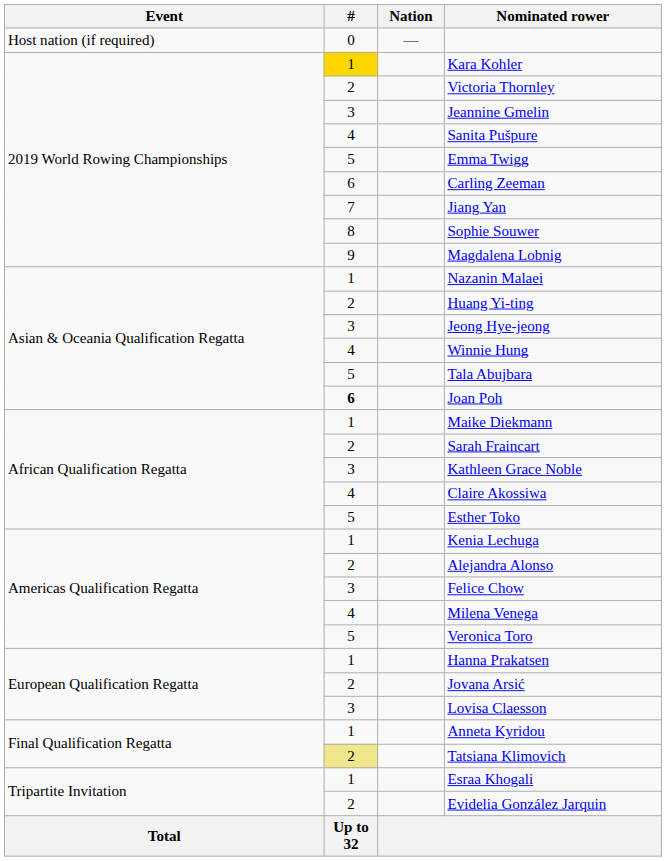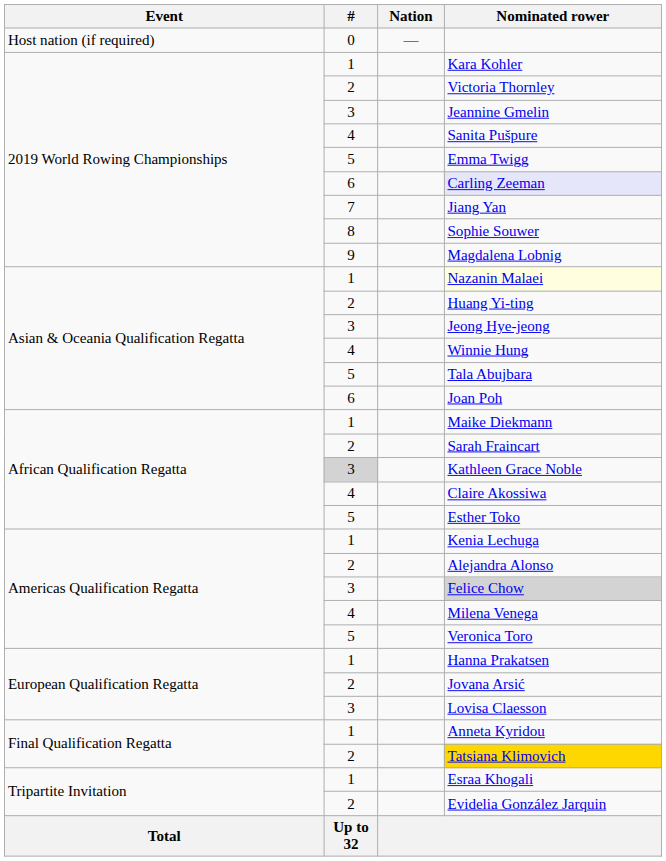 <table class="wikitable"  style="width:700px; text-align:center;">
 <tr>
 <th>Event</th>
 <th width=50>#</th>
 <th>Nation</th>
 <th>Nominated rower</th>
 </tr>
 <tr>
 <td align=left>Host nation (if required)</td>
 <td>0</td>
 <td align=center>—</td>
 <td align=left></td>
 </tr>
 <tr>
 <td rowspan=9 align=left>2019 World Rowing Championships</td>
-<td style="background: gold;">1</td>
+<td>1</td>
 <td align=left></td>
 <td align=left><a href='#'>Kara Kohler</a></td>
 </tr>
 <tr>
 <td>2</td>
 <td align=left></td>
 <td align=left><a href='#'>Victoria Thornley</a></td>
 </tr>
 <tr>
 <td>3</td>
 <td align=left></td>
 <td align=left><a href='#'>Jeannine Gmelin</a></td>
 </tr>
 <tr>
 <td>4</td>
 <td align=left></td>
 <td align=left><a href='#'>Sanita Pušpure</a></td>
 </tr>
 <tr>
 <td>5</td>
 <td align=left></td>
 <td align=left><a href='#'>Emma Twigg</a></td>
 </tr>
 <tr>
 <td>6</td>
 <td align=left></td>
-<td align=left><a href='#'>Carling Zeeman</a></td>
+<td align=left style="background: lavender;"><a href='#'>Carling Zeeman</a></td>
 </tr>
 <tr>
 <td>7</td>
 <td align=left></td>
 <td align=left><a href='#'>Jiang Yan</a></td>
 </tr>
 <tr>
 <td>8</td>
 <td align=left></td>
 <td align=left><a href='#'>Sophie Souwer</a></td>
 </tr>
 <tr>
 <td>9</td>
 <td align=left></td>
 <td align=left><a href='#'>Magdalena Lobnig</a></td>
 </tr>
 <tr>
 <td rowspan=6 align=left>Asian & Oceania Qualification Regatta</td>
 <td>1</td>
 <td align=left></td>
-<td align=left><a href='#'>Nazanin Malaei</a></td>
+<td align=left style="background: lightyellow;"><a href='#'>Nazanin Malaei</a></td>
 </tr>
 <tr>
 <td>2</td>
 <td align=left></td>
 <td align=left><a href='#'>Huang Yi-ting</a></td>
 </tr>
 <tr>
 <td>3</td>
 <td align=left></td>
 <td align=left><a href='#'>Jeong Hye-jeong</a></td>
 </tr>
 <tr>
 <td>4</td>
 <td align=left></td>
 <td align=left><a href='#'>Winnie Hung</a></td>
 </tr>
 <tr>
 <td>5</td>
 <td align=left></td>
 <td align=left><a href='#'>Tala Abujbara</a></td>
 </tr>
 <tr>
-<td><strong>6</strong></td>
+<td>6</td>
 <td align=left></td>
 <td align=left><a href='#'>Joan Poh</a></td>
 </tr>
 <tr>
 <td rowspan=5 align=left>African Qualification Regatta</td>
 <td>1</td>
 <td align=left></td>
 <td align=left><a href='#'>Maike Diekmann</a></td>
 </tr>
 <tr>
 <td>2</td>
 <td align=left></td>
 <td align=left><a href='#'>Sarah Fraincart</a></td>
 </tr>
 <tr>
-<td>3</td>
+<td style="background: lightgrey;">3</td>
 <td align=left></td>
 <td align=left><a href='#'>Kathleen Grace Noble</a></td>
 </tr>
 <tr>
 <td>4</td>
 <td align=left></td>
 <td align=left><a href='#'>Claire Akossiwa</a></td>
 </tr>
 <tr>
 <td>5</td>
 <td align=left></td>
 <td align=left><a href='#'>Esther Toko</a></td>
 </tr>
 <tr>
 <td rowspan=5 align=left>Americas Qualification Regatta</td>
 <td>1</td>
 <td align=left></td>
 <td align=left><a href='#'>Kenia Lechuga</a></td>
 </tr>
 <tr>
 <td>2</td>
 <td align=left></td>
 <td align=left><a href='#'>Alejandra Alonso</a></td>
 </tr>
 <tr>
 <td>3</td>
 <td align=left></td>
-<td align=left><a href='#'>Felice Chow</a></td>
+<td align=left style="background: lightgrey;"><a href='#'>Felice Chow</a></td>
 </tr>
 <tr>
 <td>4</td>
 <td align=left></td>
 <td align=left><a href='#'>Milena Venega</a></td>
 </tr>
 <tr>
 <td>5</td>
 <td align=left></td>
 <td align=left><a href='#'>Veronica Toro</a></td>
 </tr>
 <tr>
 <td rowspan=3 align=left>European Qualification Regatta</td>
 <td>1</td>
 <td align=left></td>
 <td align=left><a href='#'>Hanna Prakatsen</a></td>
 </tr>
 <tr>
 <td>2</td>
 <td align=left></td>
 <td align=left><a href='#'>Jovana Arsić</a></td>
 </tr>
 <tr>
 <td>3</td>
 <td align=left></td>
 <td align=left><a href='#'>Lovisa Claesson</a></td>
 </tr>
 <tr>
 <td rowspan=2 align=left>Final Qualification Regatta</td>
 <td>1</td>
 <td align=left></td>
 <td align=left><a href='#'>Anneta Kyridou</a></td>
 </tr>
 <tr>
-<td style="background: khaki;">2</td>
+<td>2</td>
 <td align=left></td>
-<td align=left><a href='#'>Tatsiana Klimovich</a></td>
+<td align=left style="background: gold;"><a href='#'>Tatsiana Klimovich</a></td>
 </tr>
 <tr>
 <td rowspan=2 align=left>Tripartite Invitation</td>
 <td>1</td>
 <td align=left></td>
 <td align=left><a href='#'>Esraa Khogali</a></td>
 </tr>
 <tr>
 <td>2</td>
 <td align=left></td>
 <td align=left><a href='#'>Evidelia González Jarquin</a></td>
 </tr>
 <tr>
 <th>Total</th>
 <th>Up to 32</th>
 <th colspan=2></th>
 </tr>
 </table>
